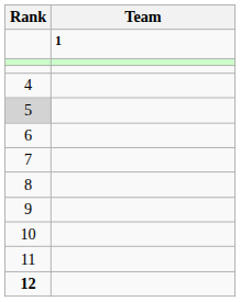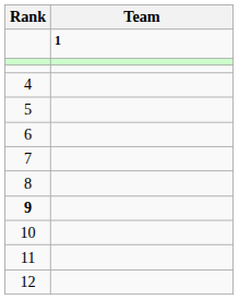 <table class="wikitable" style="text-align: center;">
 <tr>
 <th width=40>Rank</th>
 <th width=180>Team</th>
 </tr>
 <tr>
 <td></td>
 <td align=left><strong><sup>1</sup></strong></td>
 </tr>
 <tr bgcolor=#ccffcc>
 <td></td>
 <td align=left></td>
 </tr>
 <tr>
 <td></td>
 <td align=left></td>
 </tr>
 <tr>
 <td>4</td>
 <td align=left></td>
 </tr>
 <tr>
-<td style="background: lightgrey;">5</td>
+<td>5</td>
 <td align=left></td>
 </tr>
 <tr>
 <td>6</td>
 <td align=left></td>
 </tr>
 <tr>
 <td>7</td>
 <td align=left></td>
 </tr>
 <tr>
 <td>8</td>
 <td align=left></td>
 </tr>
 <tr>
-<td>9</td>
+<td><strong>9</strong></td>
 <td align=left></td>
 </tr>
 <tr>
 <td>10</td>
 <td align=left></td>
 </tr>
 <tr>
 <td>11</td>
 <td align=left></td>
 </tr>
 <tr>
-<td><strong>12</strong></td>
+<td>12</td>
 <td align=left></td>
 </tr>
 </table>
